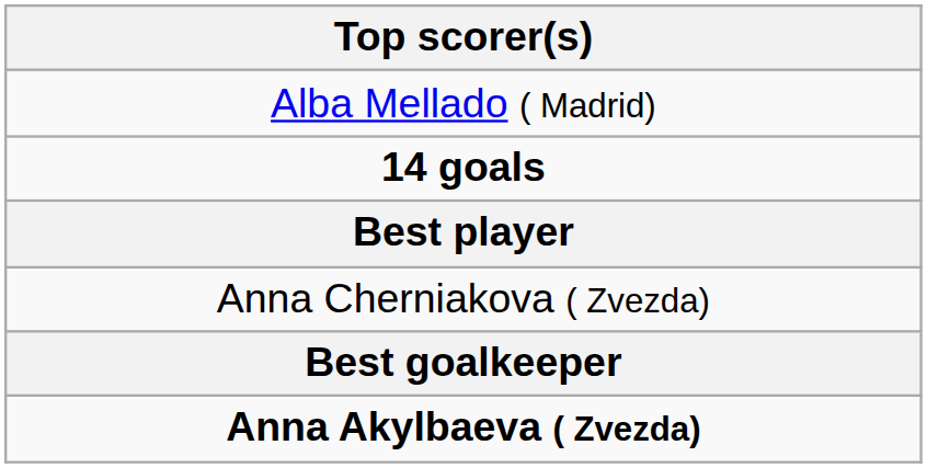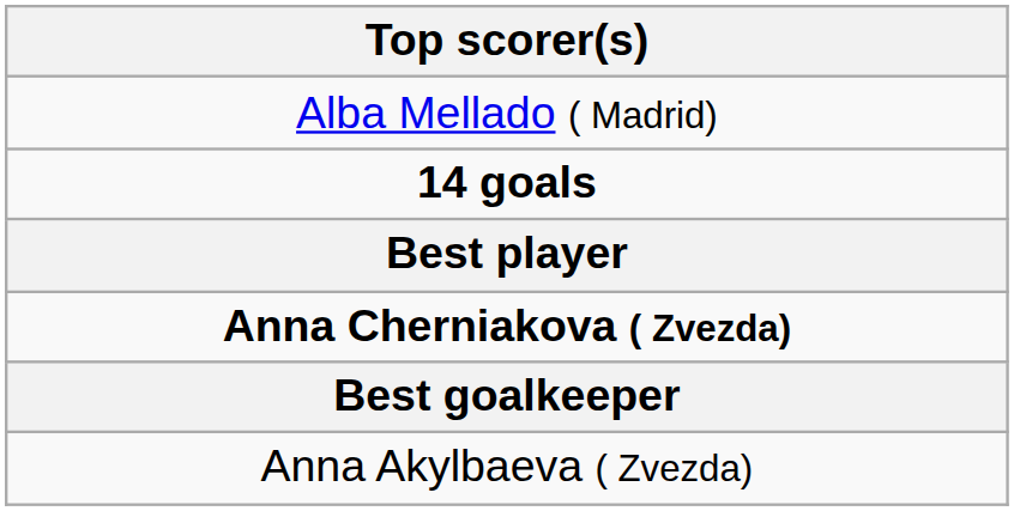 <table class="wikitable" style="margin: 1em auto 1em auto;">
 <tr>
 <th width=350 colspan=3>Top scorer(s)</th>
 </tr>
 <tr align=center style="background:">
 <td style="text-align:center;"> <a href='#'>Alba Mellado</a> <small>( Madrid)</small></td>
 </tr>
 <tr>
 <td style="text-align:center;"><strong>14 goals</strong></td>
 </tr>
 <tr>
 <th colspan=3>Best player</th>
 </tr>
 <tr>
-<td style="text-align:center;"> Anna Cherniakova <small>( Zvezda)</small></td>
+<td style="text-align:center;"><strong> Anna Cherniakova <small>( Zvezda)</small></strong></td>
 </tr>
 <tr>
 <th colspan=3>Best goalkeeper</th>
 </tr>
 <tr>
-<td style="text-align:center;"><strong> Anna Akylbaeva <small>( Zvezda)</small></strong></td>
+<td style="text-align:center;"> Anna Akylbaeva <small>( Zvezda)</small></td>
 </tr>
 </table>
